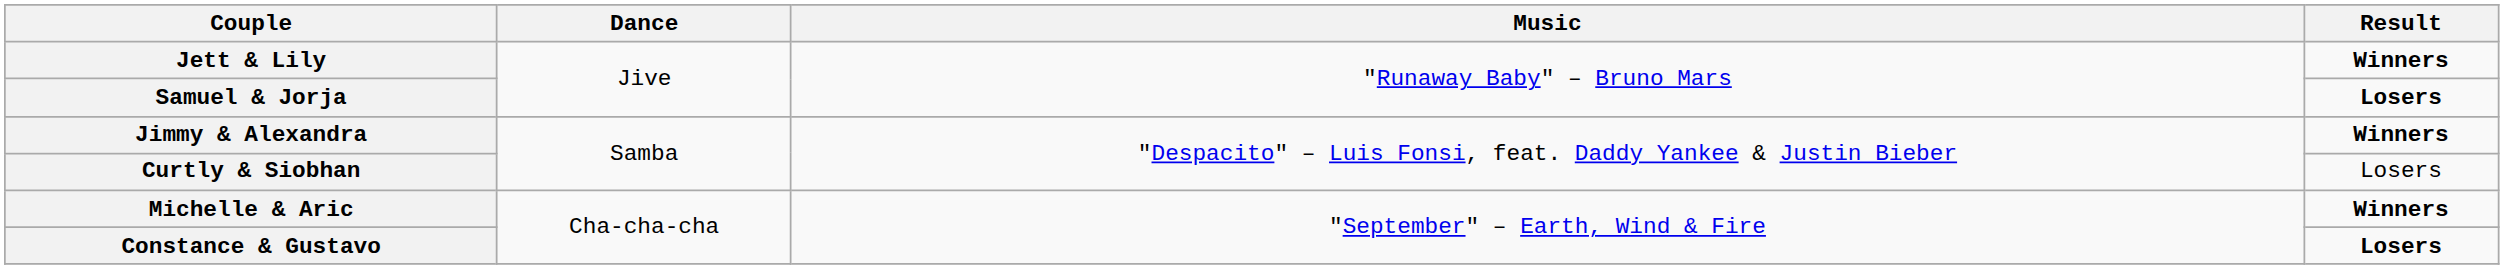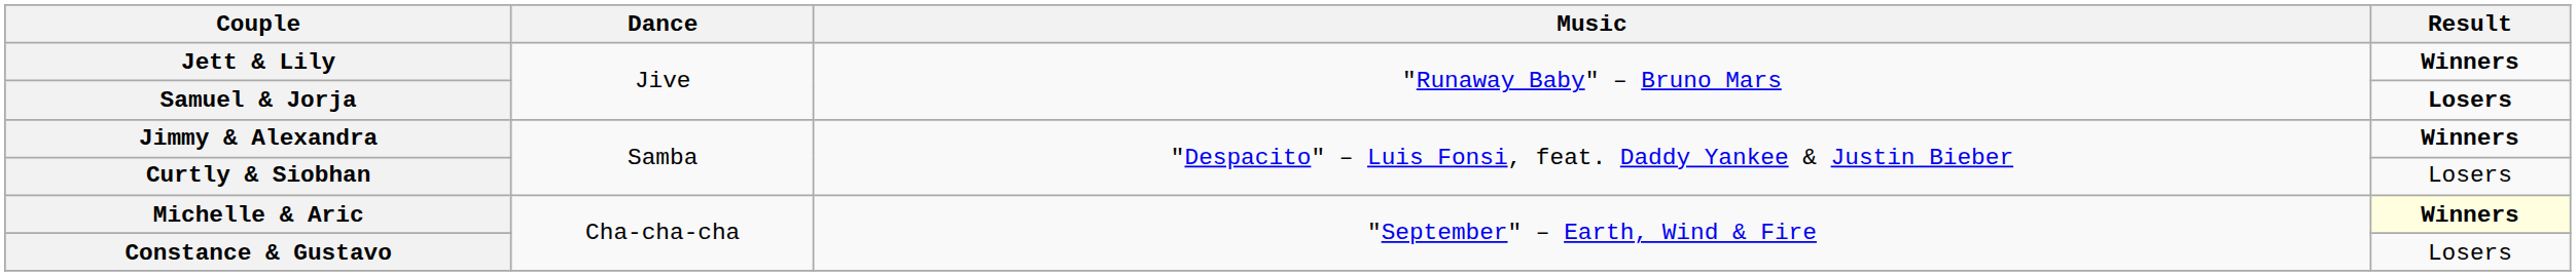 <table class="wikitable unsortable" style="text-align:center; width: 90%">
 <tr>
 <th scope="col">Couple</th>
 <th scope="col">Dance</th>
 <th scope="col">Music</th>
 <th scope="col">Result</th>
 </tr>
 <tr>
 <th scope="row">Jett & Lily</th>
 <td rowspan="2">Jive</td>
 <td rowspan="2">"<a href='#'>Runaway Baby</a>" – <a href='#'>Bruno Mars</a></td>
 <td><strong>Winners</strong></td>
 </tr>
 <tr>
 <th scope="row">Samuel & Jorja</th>
 <td><strong>Losers</strong></td>
 </tr>
 <tr>
 <th scope="row">Jimmy & Alexandra</th>
 <td rowspan="2">Samba</td>
 <td rowspan="2">"<a href='#'>Despacito</a>" – <a href='#'>Luis Fonsi</a>, feat. <a href='#'>Daddy Yankee</a> & <a href='#'>Justin Bieber</a></td>
 <td><strong>Winners</strong></td>
 </tr>
 <tr>
 <th scope="row">Curtly & Siobhan</th>
 <td>Losers</td>
 </tr>
 <tr>
 <th scope="row">Michelle & Aric</th>
 <td rowspan="2">Cha-cha-cha</td>
 <td rowspan="2">"<a href='#'>September</a>" – <a href='#'>Earth, Wind & Fire</a></td>
-<td><strong>Winners</strong></td>
+<td style="background: lightyellow;"><strong>Winners</strong></td>
 </tr>
 <tr>
 <th scope="row">Constance & Gustavo</th>
-<td><strong>Losers</strong></td>
+<td>Losers</td>
 </tr>
 </table>
